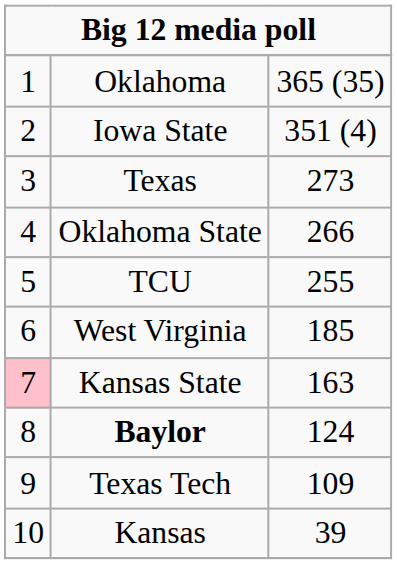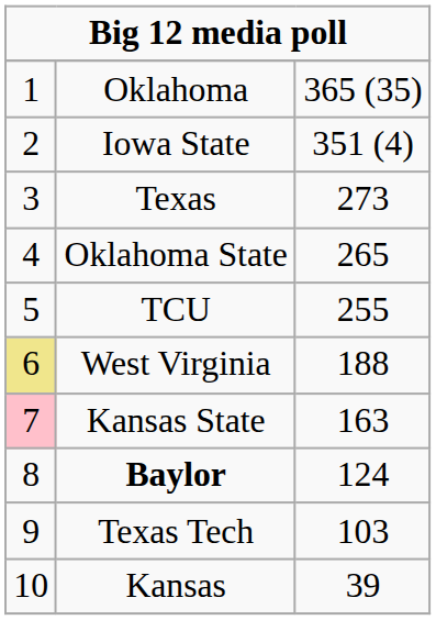 <table class="wikitable" style="display: inline-table;">
 <tr>
 <td align="center" Colspan="3"><strong>Big 12 media poll</strong></td>
 </tr>
 <tr align="center">
 </tr>
 <tr align="center">
 <td>1</td>
 <td>Oklahoma</td>
 <td>365 (35)</td>
 </tr>
 <tr align="center">
 <td>2</td>
 <td>Iowa State</td>
 <td>351 (4)</td>
 </tr>
 <tr align="center">
 <td>3</td>
 <td>Texas</td>
 <td>273</td>
 </tr>
 <tr align="center">
 <td>4</td>
 <td>Oklahoma State</td>
-<td>266</td>
+<td>265</td>
 </tr>
 <tr align="center">
 <td>5</td>
 <td>TCU</td>
 <td>255</td>
 </tr>
 <tr align="center">
-<td>6</td>
+<td style="background: khaki;">6</td>
 <td>West Virginia</td>
-<td>185</td>
+<td>188</td>
 </tr>
 <tr align="center">
 <td style="background: pink;">7</td>
 <td>Kansas State</td>
 <td>163</td>
 </tr>
 <tr align="center">
 <td>8</td>
 <td><strong>Baylor</strong></td>
 <td>124</td>
 </tr>
 <tr align="center">
 <td>9</td>
 <td>Texas Tech</td>
-<td>109</td>
+<td>103</td>
 </tr>
 <tr align="center">
 <td>10</td>
 <td>Kansas</td>
 <td>39</td>
 </tr>
 <tr>
 </tr>
 </table>
